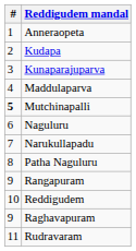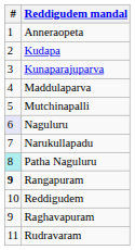 <table class="wikitable">
 <tr>
 <th>#</th>
 <th><a href='#'>Reddigudem mandal</a></th>
 </tr>
 <tr>
 <td>1</td>
 <td>Anneraopeta</td>
 </tr>
 <tr>
 <td>2</td>
 <td><a href='#'>Kudapa</a></td>
 </tr>
 <tr>
 <td>3</td>
 <td><a href='#'>Kunaparajuparva</a></td>
 </tr>
 <tr>
 <td>4</td>
 <td>Maddulaparva</td>
 </tr>
 <tr>
-<td><strong>5</strong></td>
+<td>5</td>
 <td>Mutchinapalli</td>
 </tr>
 <tr>
-<td>6</td>
+<td style="background: lavender;">6</td>
 <td>Naguluru</td>
 </tr>
 <tr>
 <td>7</td>
 <td>Narukullapadu</td>
 </tr>
 <tr>
-<td>8</td>
+<td style="background: paleturquoise;">8</td>
 <td>Patha Naguluru</td>
 </tr>
 <tr>
-<td>9</td>
+<td><strong>9</strong></td>
 <td>Rangapuram</td>
 </tr>
 <tr>
 <td>10</td>
 <td>Reddigudem</td>
 </tr>
 <tr>
 <td>9</td>
 <td>Raghavapuram</td>
 </tr>
 <tr>
 <td>11</td>
 <td>Rudravaram</td>
 </tr>
 </table>
